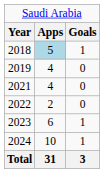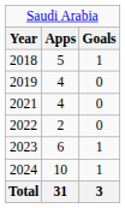 <table class="wikitable" style="text-align:center">
 <tr>
 <td colspan=3><a href='#'>Saudi Arabia</a></td>
 </tr>
 <tr>
 <th>Year</th>
 <th>Apps</th>
 <th>Goals</th>
 </tr>
 <tr>
 <td>2018</td>
-<td style="background: lightblue;">5</td>
+<td>5</td>
 <td>1</td>
 </tr>
 <tr>
 <td>2019</td>
 <td>4</td>
 <td>0</td>
 </tr>
 <tr>
 <td>2021</td>
 <td>4</td>
 <td>0</td>
 </tr>
 <tr>
 <td>2022</td>
 <td>2</td>
 <td>0</td>
 </tr>
 <tr>
 <td>2023</td>
 <td>6</td>
 <td>1</td>
 </tr>
 <tr>
 <td>2024</td>
 <td>10</td>
 <td>1</td>
 </tr>
 <tr>
 <th>Total</th>
 <th>31</th>
 <th>3</th>
 </tr>
 </table>
